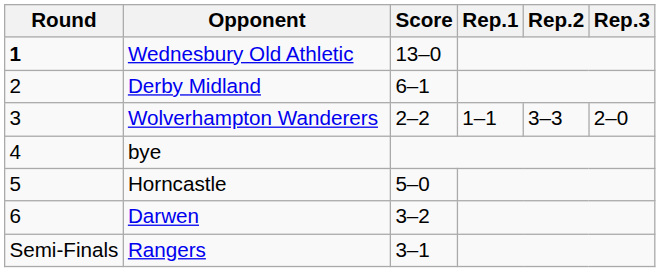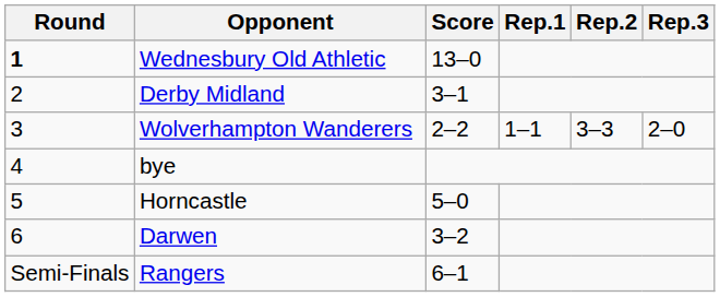 <table class="wikitable">
 <tr>
 <th>Round</th>
 <th width=200px>Opponent</th>
 <th>Score</th>
 <th>Rep.1</th>
 <th>Rep.2</th>
 <th>Rep.3</th>
 </tr>
 <tr>
 <td><strong>1</strong></td>
 <td><a href='#'>Wednesbury Old Athletic</a></td>
 <td>13–0</td>
 <td colspan=3></td>
 </tr>
 <tr>
 <td>2</td>
 <td><a href='#'>Derby Midland</a></td>
-<td>6–1</td>
+<td>3–1</td>
 <td colspan=3></td>
 </tr>
 <tr>
 <td>3</td>
 <td><a href='#'>Wolverhampton Wanderers</a></td>
 <td>2–2</td>
 <td>1–1</td>
 <td>3–3</td>
 <td>2–0</td>
 </tr>
 <tr>
 <td>4</td>
 <td>bye</td>
 <td colspan=4></td>
 </tr>
 <tr>
 <td>5</td>
 <td>Horncastle</td>
 <td>5–0</td>
 <td colspan=3></td>
 </tr>
 <tr>
 <td>6</td>
 <td><a href='#'>Darwen</a></td>
 <td>3–2</td>
 <td colspan=3></td>
 </tr>
 <tr>
 <td>Semi-Finals</td>
 <td><a href='#'>Rangers</a></td>
-<td>3–1</td>
+<td>6–1</td>
 <td colspan=3></td>
 </tr>
 </table>
